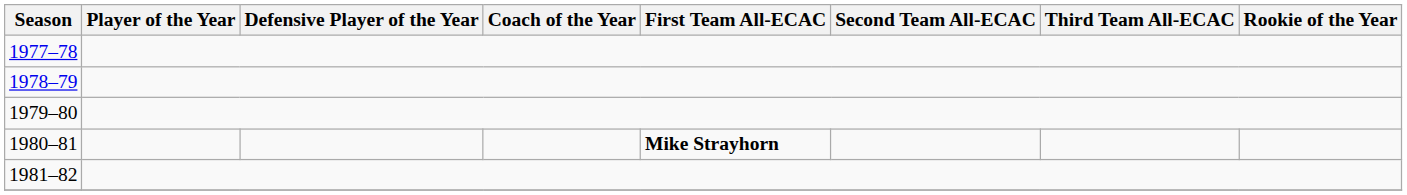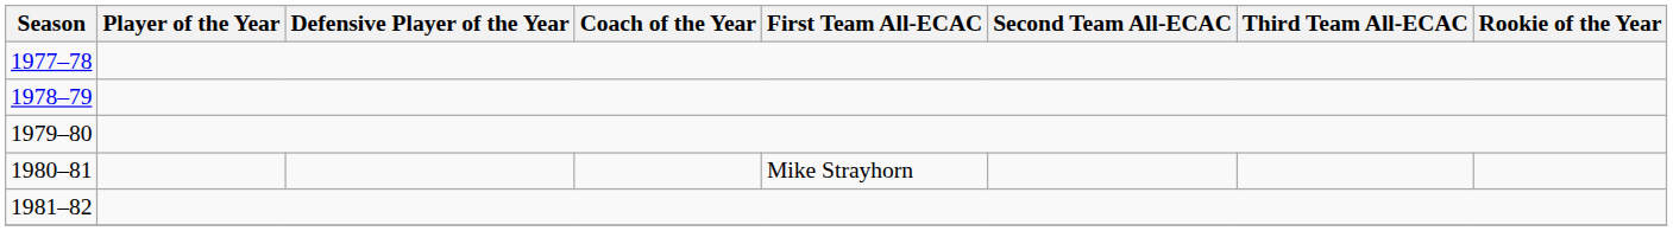 <table class="wikitable">
 <tr>
 <th>Season</th>
 <th>Player of the Year</th>
 <th>Defensive Player of the Year</th>
 <th>Coach of the Year</th>
 <th>First Team All-ECAC</th>
 <th>Second Team All-ECAC</th>
 <th>Third Team All-ECAC</th>
 <th>Rookie of the Year</th>
 </tr>
 <tr>
 <td><a href='#'>1977–78</a></td>
 <td colspan=7></td>
 </tr>
 <tr>
 <td><a href='#'>1978–79</a></td>
 <td colspan=7></td>
 </tr>
 <tr>
 <td>1979–80</td>
 <td colspan=7></td>
 </tr>
 <tr>
 <td>1980–81</td>
 <td></td>
 <td></td>
 <td></td>
-<td><strong>Mike Strayhorn</strong></td>
+<td>Mike Strayhorn</td>
 <td></td>
 <td></td>
 <td></td>
 </tr>
 <tr>
 <td>1981–82</td>
 <td colspan=7></td>
 </tr>
 <tr>
 </tr>
 </table>
